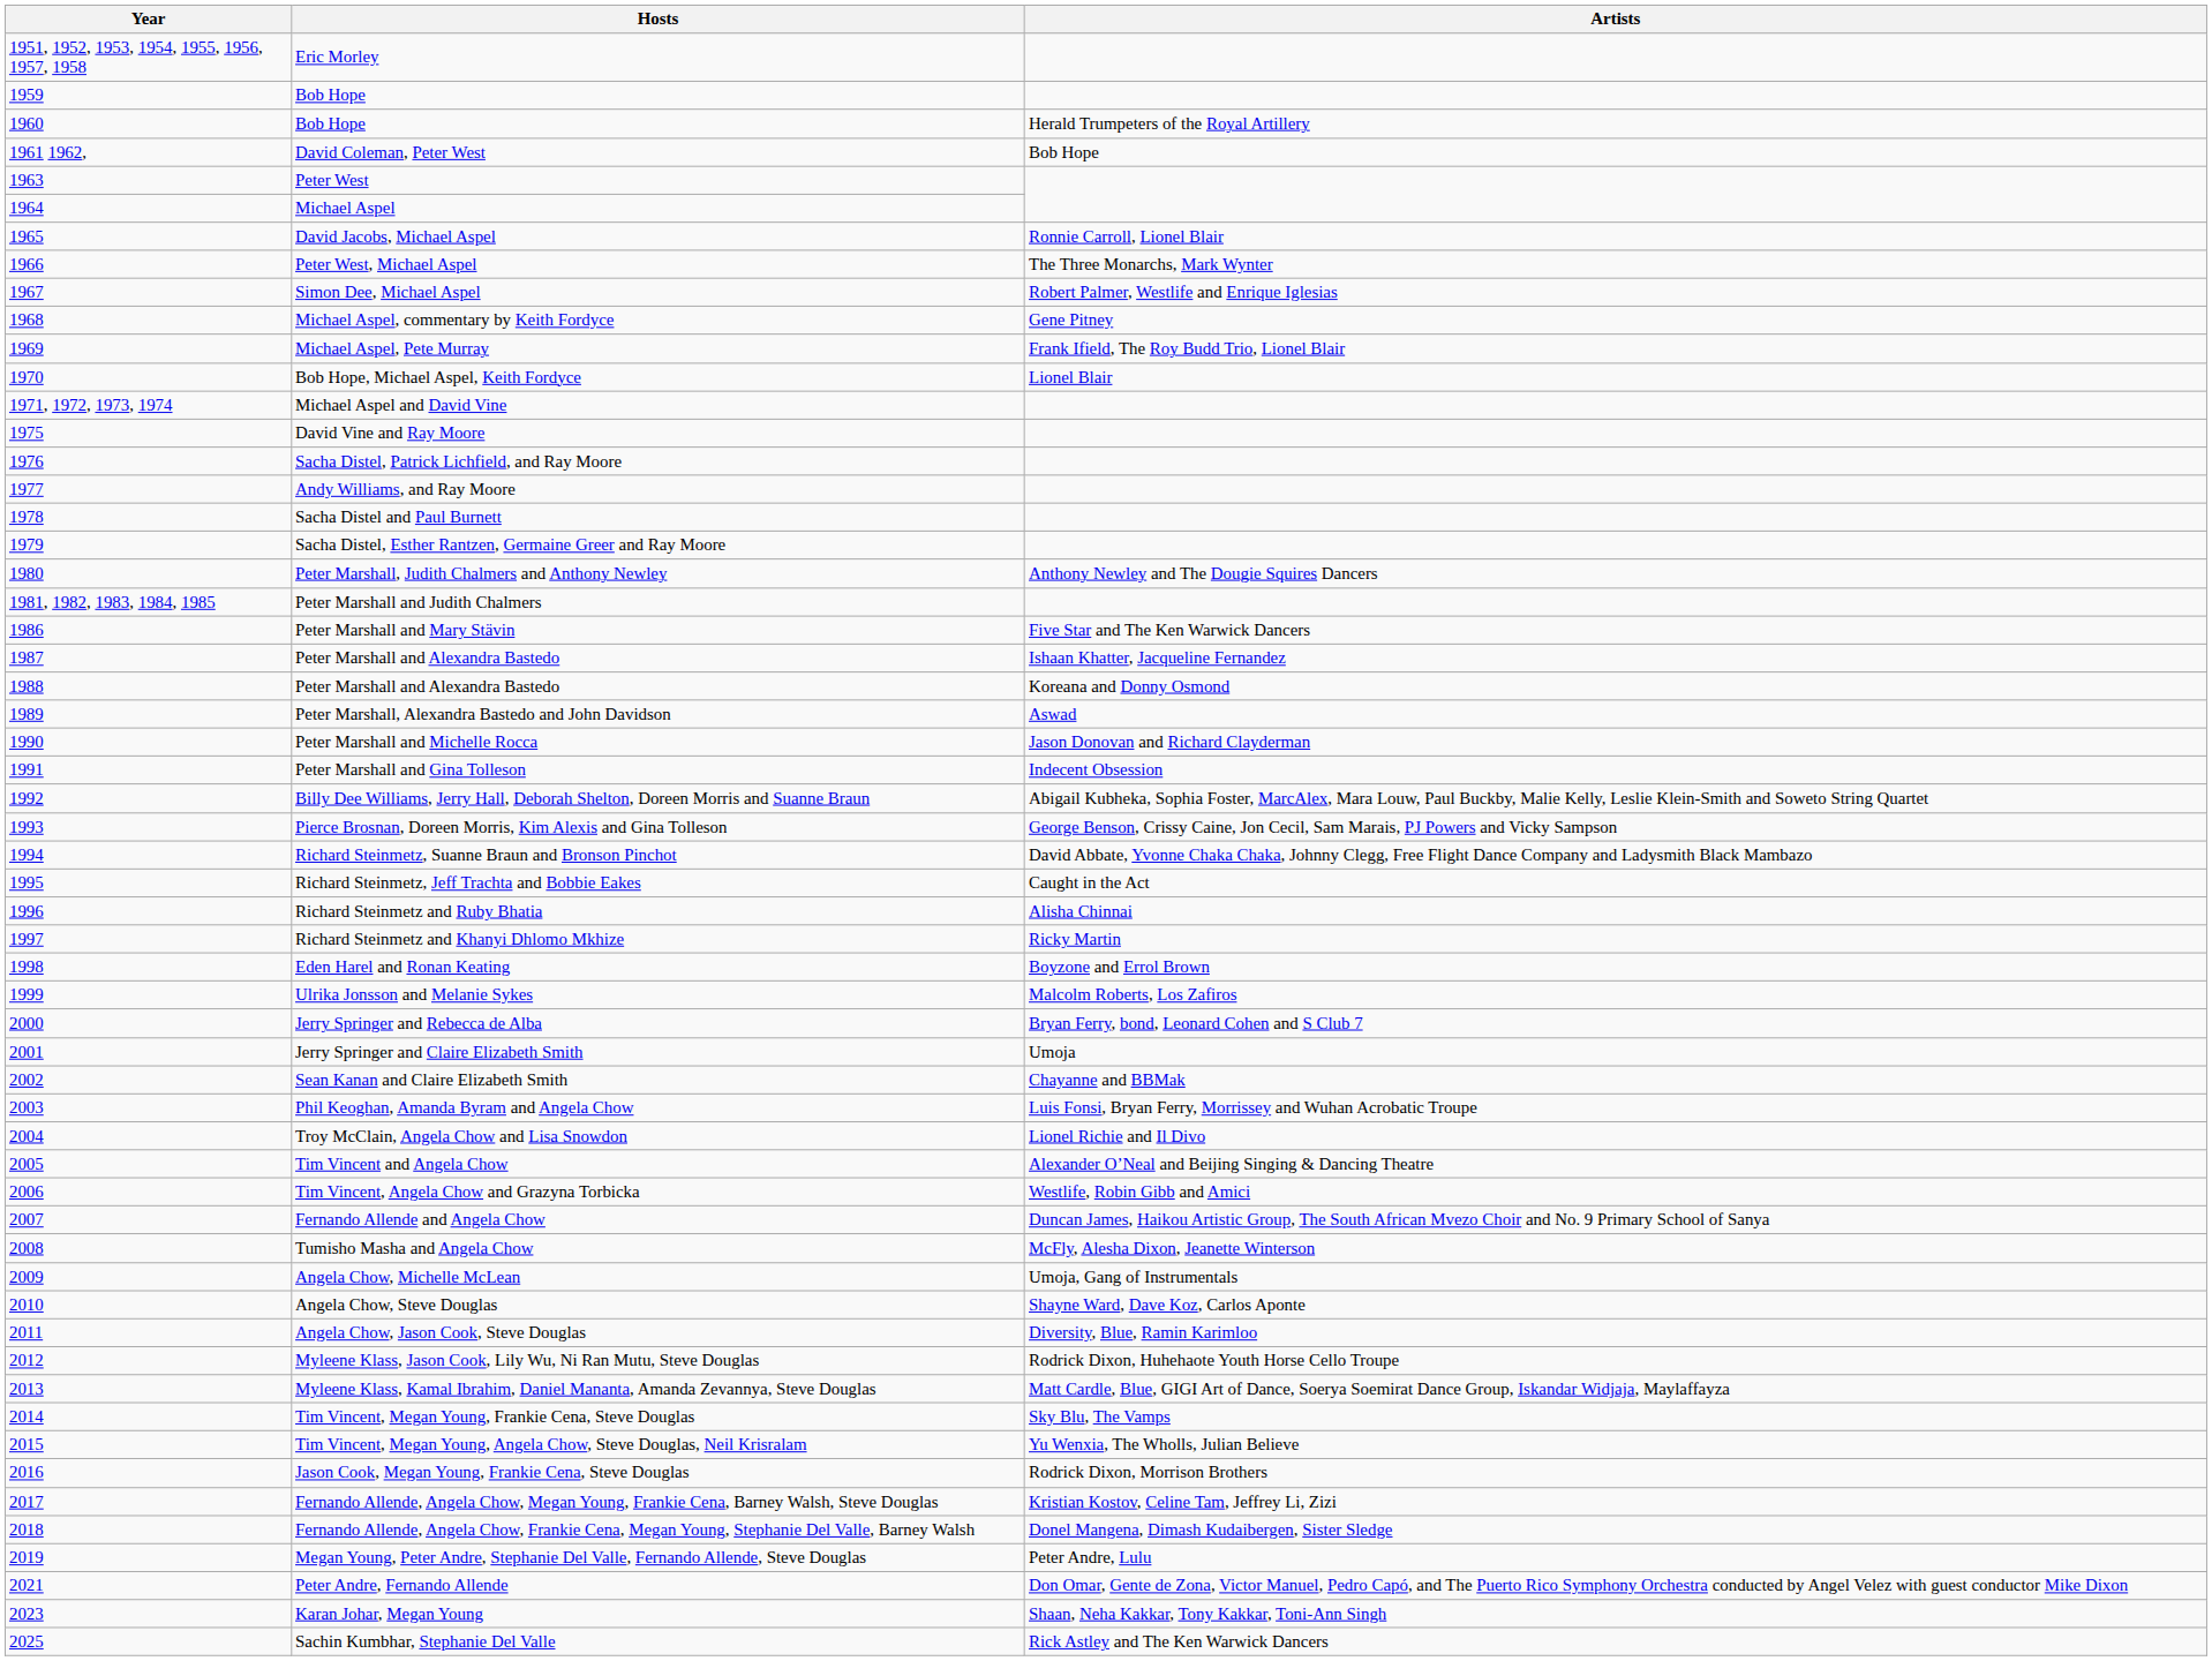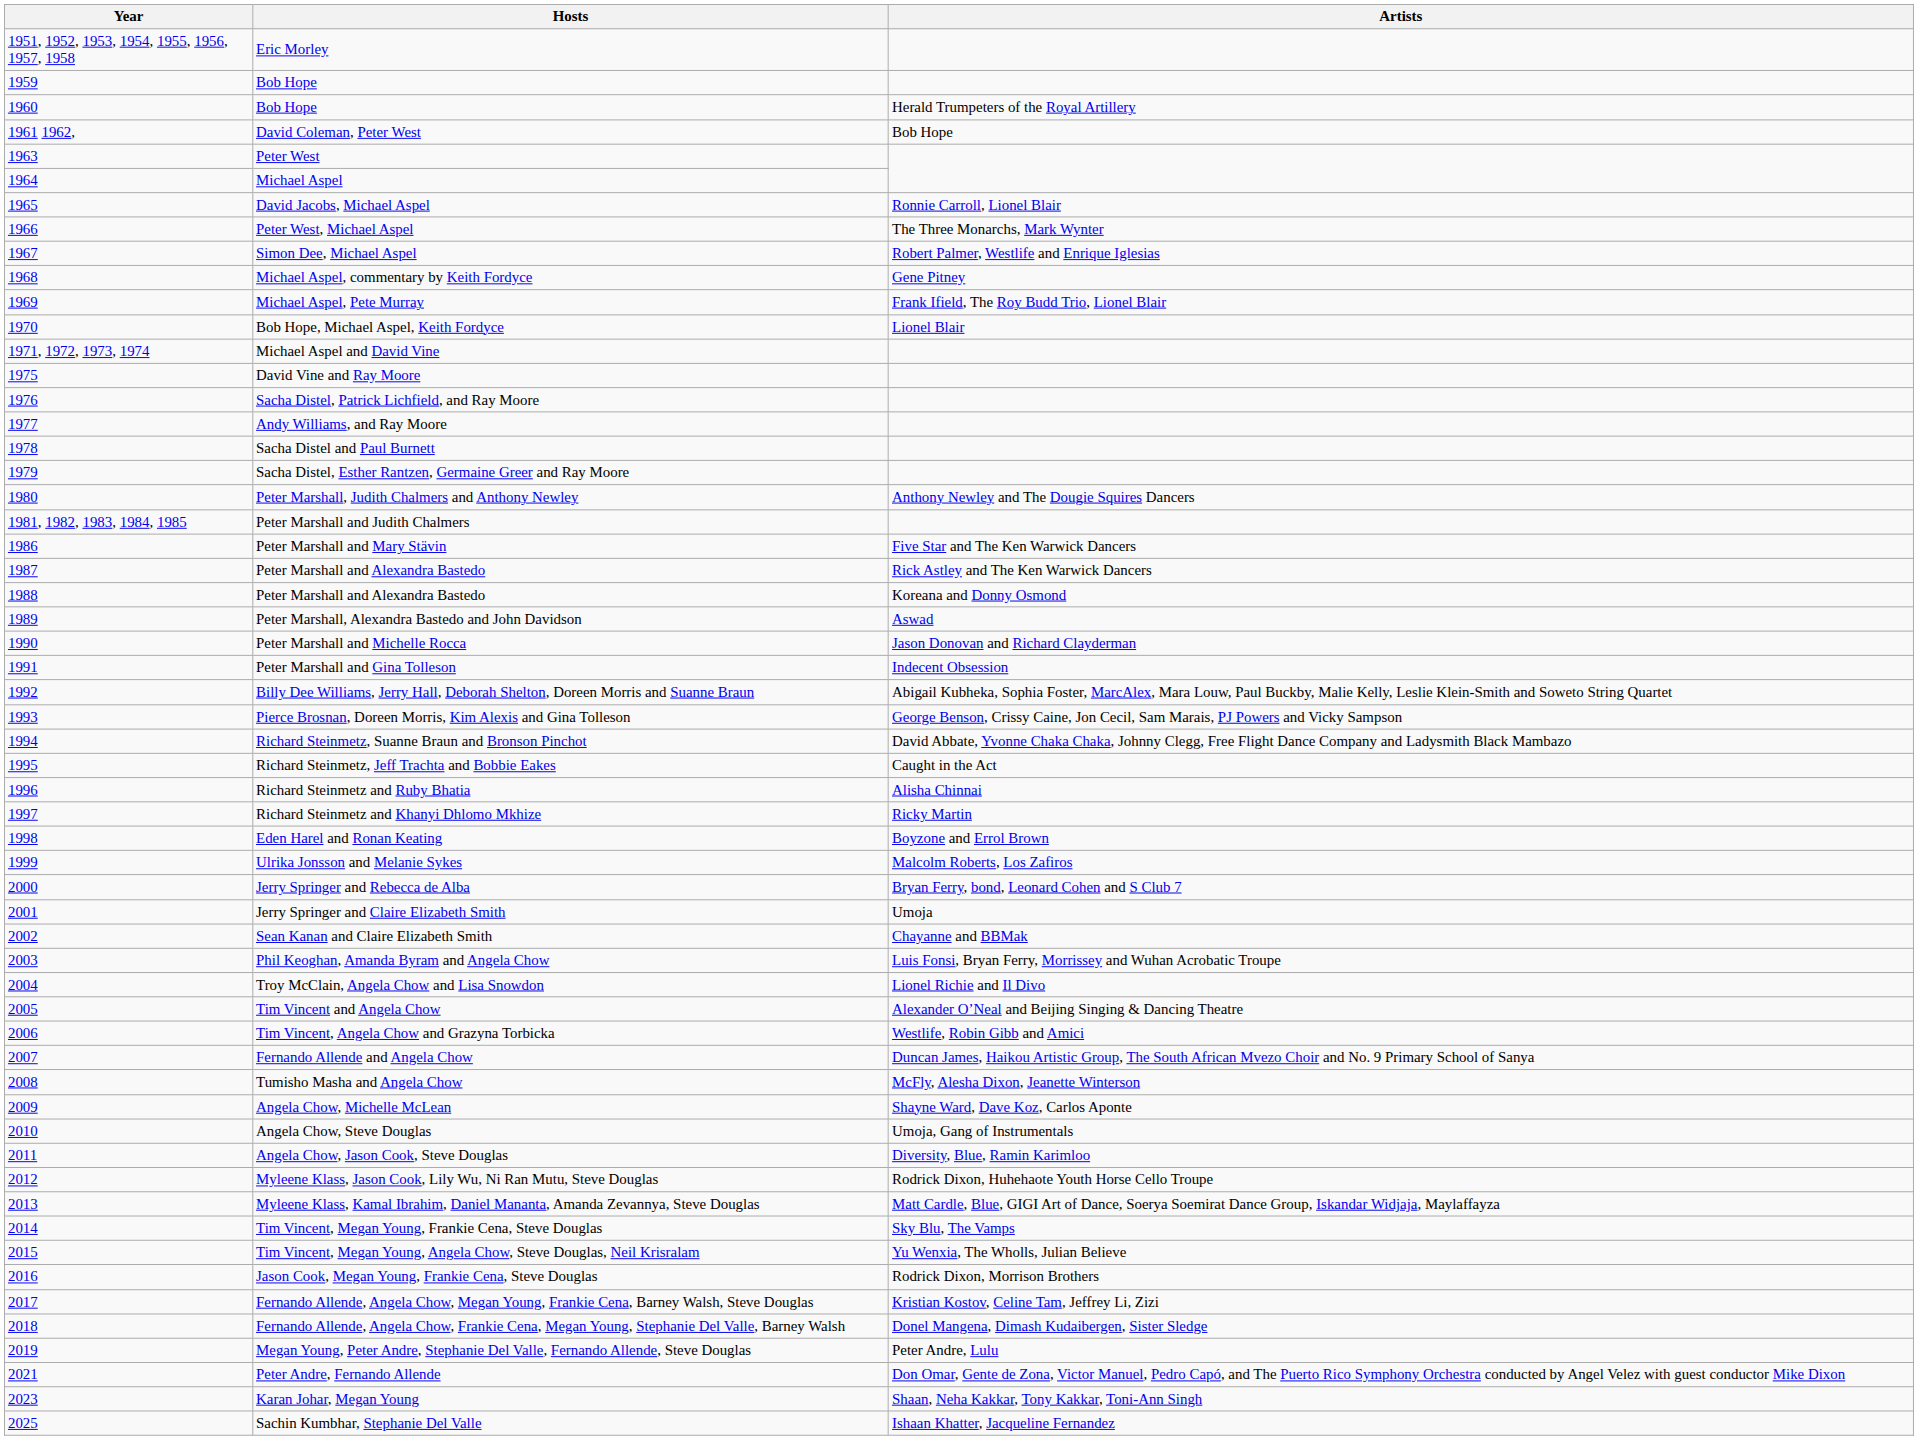 <table class="wikitable sortable" style="margin:0 1em 0 0; font-size:96%; width=100%;">
 <tr>
 <th width=13%>Year</th>
 <th>Hosts</th>
 <th>Artists</th>
 </tr>
 <tr>
 <td><a href='#'>1951</a>, <a href='#'>1952</a>, <a href='#'>1953</a>, <a href='#'>1954</a>, <a href='#'>1955</a>, <a href='#'>1956</a>, <a href='#'>1957</a>, <a href='#'>1958</a></td>
 <td><a href='#'>Eric Morley</a></td>
 <td></td>
 </tr>
 <tr>
 <td><a href='#'>1959</a></td>
 <td><a href='#'>Bob Hope</a></td>
 <td></td>
 </tr>
 <tr>
 <td><a href='#'>1960</a></td>
 <td><a href='#'>Bob Hope</a></td>
 <td>Herald Trumpeters of the <a href='#'>Royal Artillery</a></td>
 </tr>
 <tr>
 <td><a href='#'>1961</a> <a href='#'>1962</a>,</td>
 <td><a href='#'>David Coleman</a>, <a href='#'>Peter West</a></td>
 <td>Bob Hope</td>
 </tr>
 <tr>
 <td><a href='#'>1963</a></td>
 <td><a href='#'>Peter West</a></td>
 </tr>
 <tr>
 <td><a href='#'>1964</a></td>
 <td><a href='#'>Michael Aspel</a></td>
 </tr>
 <tr>
 <td><a href='#'>1965</a></td>
 <td><a href='#'>David Jacobs</a>, <a href='#'>Michael Aspel</a></td>
 <td><a href='#'>Ronnie Carroll</a>, <a href='#'>Lionel Blair</a></td>
 </tr>
 <tr>
 <td><a href='#'>1966</a></td>
 <td><a href='#'>Peter West</a>, <a href='#'>Michael Aspel</a></td>
 <td>The Three Monarchs, <a href='#'>Mark Wynter</a></td>
 </tr>
 <tr>
 <td><a href='#'>1967</a></td>
 <td><a href='#'>Simon Dee</a>, <a href='#'>Michael Aspel</a></td>
 <td><a href='#'>Robert Palmer</a>, <a href='#'>Westlife</a> and <a href='#'>Enrique Iglesias</a></td>
 </tr>
 <tr>
 <td><a href='#'>1968</a></td>
 <td><a href='#'>Michael Aspel</a>, commentary by <a href='#'>Keith Fordyce</a></td>
 <td><a href='#'>Gene Pitney</a></td>
 </tr>
 <tr>
 <td><a href='#'>1969</a></td>
 <td><a href='#'>Michael Aspel</a>, <a href='#'>Pete Murray</a></td>
 <td><a href='#'>Frank Ifield</a>, The <a href='#'>Roy Budd Trio</a>, <a href='#'>Lionel Blair</a></td>
 </tr>
 <tr>
 <td><a href='#'>1970</a></td>
 <td>Bob Hope, Michael Aspel, <a href='#'>Keith Fordyce</a></td>
 <td><a href='#'>Lionel Blair</a></td>
 </tr>
 <tr>
 <td><a href='#'>1971</a>, <a href='#'>1972</a>, <a href='#'>1973</a>, <a href='#'>1974</a></td>
 <td>Michael Aspel and <a href='#'>David Vine</a></td>
 <td></td>
 </tr>
 <tr>
 <td><a href='#'>1975</a></td>
 <td>David Vine and <a href='#'>Ray Moore</a></td>
 <td></td>
 </tr>
 <tr>
 <td><a href='#'>1976</a></td>
 <td><a href='#'>Sacha Distel</a>, <a href='#'>Patrick Lichfield</a>, and Ray Moore</td>
 <td></td>
 </tr>
 <tr>
 <td><a href='#'>1977</a></td>
 <td><a href='#'>Andy Williams</a>, and Ray Moore</td>
 <td></td>
 </tr>
 <tr>
 <td><a href='#'>1978</a></td>
 <td>Sacha Distel and <a href='#'>Paul Burnett</a></td>
 <td></td>
 </tr>
 <tr>
 <td><a href='#'>1979</a></td>
 <td>Sacha Distel, <a href='#'>Esther Rantzen</a>, <a href='#'>Germaine Greer</a> and Ray Moore</td>
 <td></td>
 </tr>
 <tr>
 <td><a href='#'>1980</a></td>
 <td><a href='#'>Peter Marshall</a>, <a href='#'>Judith Chalmers</a> and <a href='#'>Anthony Newley</a></td>
 <td><a href='#'>Anthony Newley</a> and The <a href='#'>Dougie Squires</a> Dancers</td>
 </tr>
 <tr>
 <td><a href='#'>1981</a>, <a href='#'>1982</a>, <a href='#'>1983</a>, <a href='#'>1984</a>, <a href='#'>1985</a></td>
 <td>Peter Marshall and Judith Chalmers</td>
 <td><br></td>
 </tr>
 <tr>
 <td><a href='#'>1986</a></td>
 <td>Peter Marshall and <a href='#'>Mary Stävin</a></td>
 <td><a href='#'>Five Star</a> and The Ken Warwick Dancers</td>
 </tr>
 <tr>
 <td><a href='#'>1987</a></td>
 <td>Peter Marshall and <a href='#'>Alexandra Bastedo</a></td>
-<td><a href='#'>Ishaan Khatter</a>, <a href='#'>Jacqueline Fernandez</a></td>
+<td><a href='#'>Rick Astley</a> and The Ken Warwick Dancers</td>
 </tr>
 <tr>
 <td><a href='#'>1988</a></td>
 <td>Peter Marshall and Alexandra Bastedo</td>
 <td>Koreana and <a href='#'>Donny Osmond</a></td>
 </tr>
 <tr>
 <td><a href='#'>1989</a></td>
 <td>Peter Marshall, Alexandra Bastedo and John Davidson</td>
 <td><a href='#'>Aswad</a></td>
 </tr>
 <tr>
 <td><a href='#'>1990</a></td>
 <td>Peter Marshall and <a href='#'>Michelle Rocca</a></td>
 <td><a href='#'>Jason Donovan</a> and <a href='#'>Richard Clayderman</a></td>
 </tr>
 <tr>
 <td><a href='#'>1991</a></td>
 <td>Peter Marshall and <a href='#'>Gina Tolleson</a></td>
 <td><a href='#'>Indecent Obsession</a></td>
 </tr>
 <tr>
 <td><a href='#'>1992</a></td>
 <td><a href='#'>Billy Dee Williams</a>, <a href='#'>Jerry Hall</a>, <a href='#'>Deborah Shelton</a>, Doreen Morris and <a href='#'>Suanne Braun</a></td>
 <td>Abigail Kubheka, Sophia Foster, <a href='#'>MarcAlex</a>, Mara Louw, Paul Buckby, Malie Kelly, Leslie Klein-Smith and Soweto String Quartet</td>
 </tr>
 <tr>
 <td><a href='#'>1993</a></td>
 <td><a href='#'>Pierce Brosnan</a>, Doreen Morris, <a href='#'>Kim Alexis</a> and Gina Tolleson</td>
 <td><a href='#'>George Benson</a>, Crissy Caine, Jon Cecil, Sam Marais, <a href='#'>PJ Powers</a> and Vicky Sampson</td>
 </tr>
 <tr>
 <td><a href='#'>1994</a></td>
 <td><a href='#'>Richard Steinmetz</a>, Suanne Braun and <a href='#'>Bronson Pinchot</a></td>
 <td>David Abbate, <a href='#'>Yvonne Chaka Chaka</a>, Johnny Clegg, Free Flight Dance Company and Ladysmith Black Mambazo</td>
 </tr>
 <tr>
 <td><a href='#'>1995</a></td>
 <td>Richard Steinmetz, <a href='#'>Jeff Trachta</a> and <a href='#'>Bobbie Eakes</a></td>
 <td>Caught in the Act</td>
 </tr>
 <tr>
 <td><a href='#'>1996</a></td>
 <td>Richard Steinmetz and <a href='#'>Ruby Bhatia</a></td>
 <td><a href='#'>Alisha Chinnai</a></td>
 </tr>
 <tr>
 <td><a href='#'>1997</a></td>
 <td>Richard Steinmetz and <a href='#'>Khanyi Dhlomo Mkhize</a></td>
 <td><a href='#'>Ricky Martin</a></td>
 </tr>
 <tr>
 <td><a href='#'>1998</a></td>
 <td><a href='#'>Eden Harel</a> and <a href='#'>Ronan Keating</a></td>
 <td><a href='#'>Boyzone</a> and <a href='#'>Errol Brown</a></td>
 </tr>
 <tr>
 <td><a href='#'>1999</a></td>
 <td><a href='#'>Ulrika Jonsson</a> and <a href='#'>Melanie Sykes</a></td>
 <td><a href='#'>Malcolm Roberts</a>, <a href='#'>Los Zafiros</a></td>
 </tr>
 <tr>
 <td><a href='#'>2000</a></td>
 <td><a href='#'>Jerry Springer</a> and <a href='#'>Rebecca de Alba</a></td>
 <td><a href='#'>Bryan Ferry</a>, <a href='#'>bond</a>, <a href='#'>Leonard Cohen</a> and <a href='#'>S Club 7</a></td>
 </tr>
 <tr>
 <td><a href='#'>2001</a></td>
 <td>Jerry Springer and <a href='#'>Claire Elizabeth Smith</a></td>
 <td>Umoja</td>
 </tr>
 <tr>
 <td><a href='#'>2002</a></td>
 <td><a href='#'>Sean Kanan</a> and Claire Elizabeth Smith</td>
 <td><a href='#'>Chayanne</a> and <a href='#'>BBMak</a></td>
 </tr>
 <tr>
 <td><a href='#'>2003</a></td>
 <td><a href='#'>Phil Keoghan</a>, <a href='#'>Amanda Byram</a> and <a href='#'>Angela Chow</a></td>
 <td><a href='#'>Luis Fonsi</a>, Bryan Ferry, <a href='#'>Morrissey</a> and Wuhan Acrobatic Troupe</td>
 </tr>
 <tr>
 <td><a href='#'>2004</a></td>
 <td>Troy McClain, <a href='#'>Angela Chow</a> and <a href='#'>Lisa Snowdon</a></td>
 <td><a href='#'>Lionel Richie</a> and <a href='#'>Il Divo</a></td>
 </tr>
 <tr>
 <td><a href='#'>2005</a></td>
 <td><a href='#'>Tim Vincent</a> and <a href='#'>Angela Chow</a></td>
 <td><a href='#'>Alexander O’Neal</a> and Beijing Singing & Dancing Theatre</td>
 </tr>
 <tr>
 <td><a href='#'>2006</a></td>
 <td><a href='#'>Tim Vincent</a>, <a href='#'>Angela Chow</a> and Grazyna Torbicka</td>
 <td><a href='#'>Westlife</a>, <a href='#'>Robin Gibb</a> and <a href='#'>Amici</a></td>
 </tr>
 <tr>
 <td><a href='#'>2007</a></td>
 <td><a href='#'>Fernando Allende</a> and <a href='#'>Angela Chow</a></td>
 <td><a href='#'>Duncan James</a>, <a href='#'>Haikou Artistic Group</a>, <a href='#'>The South African Mvezo Choir</a> and No. 9 Primary School of Sanya</td>
 </tr>
 <tr>
 <td><a href='#'>2008</a></td>
 <td>Tumisho Masha and <a href='#'>Angela Chow</a></td>
 <td><a href='#'>McFly</a>, <a href='#'>Alesha Dixon</a>, <a href='#'>Jeanette Winterson</a></td>
 </tr>
 <tr>
 <td><a href='#'>2009</a></td>
 <td><a href='#'>Angela Chow</a>, <a href='#'>Michelle McLean</a></td>
-<td>Umoja, Gang of Instrumentals</td>
+<td><a href='#'>Shayne Ward</a>, <a href='#'>Dave Koz</a>, Carlos Aponte</td>
 </tr>
 <tr>
 <td><a href='#'>2010</a></td>
 <td>Angela Chow, Steve Douglas</td>
-<td><a href='#'>Shayne Ward</a>, <a href='#'>Dave Koz</a>, Carlos Aponte</td>
+<td>Umoja, Gang of Instrumentals</td>
 </tr>
 <tr>
 <td><a href='#'>2011</a></td>
 <td><a href='#'>Angela Chow</a>, <a href='#'>Jason Cook</a>, Steve Douglas</td>
 <td><a href='#'>Diversity</a>, <a href='#'>Blue</a>, <a href='#'>Ramin Karimloo</a></td>
 </tr>
 <tr>
 <td><a href='#'>2012</a></td>
 <td><a href='#'>Myleene Klass</a>, <a href='#'>Jason Cook</a>, Lily Wu, Ni Ran Mutu, Steve Douglas</td>
 <td>Rodrick Dixon, Huhehaote Youth Horse Cello Troupe</td>
 </tr>
 <tr>
 <td><a href='#'>2013</a></td>
 <td><a href='#'>Myleene Klass</a>, <a href='#'>Kamal Ibrahim</a>, <a href='#'>Daniel Mananta</a>,  Amanda Zevannya, Steve Douglas</td>
 <td><a href='#'>Matt Cardle</a>, <a href='#'>Blue</a>, GIGI Art of Dance, Soerya Soemirat Dance Group, <a href='#'>Iskandar Widjaja</a>, Maylaffayza</td>
 </tr>
 <tr>
 <td><a href='#'>2014</a></td>
 <td><a href='#'>Tim Vincent</a>, <a href='#'>Megan Young</a>, Frankie Cena, Steve Douglas</td>
 <td><a href='#'>Sky Blu</a>, <a href='#'>The Vamps</a></td>
 </tr>
 <tr>
 <td><a href='#'>2015</a></td>
 <td><a href='#'>Tim Vincent</a>, <a href='#'>Megan Young</a>, <a href='#'>Angela Chow</a>, Steve Douglas, <a href='#'>Neil Krisralam</a></td>
 <td><a href='#'>Yu Wenxia</a>, The Wholls, Julian Believe</td>
 </tr>
 <tr>
 <td><a href='#'>2016</a></td>
 <td><a href='#'>Jason Cook</a>, <a href='#'>Megan Young</a>, <a href='#'>Frankie Cena</a>, Steve Douglas</td>
 <td>Rodrick Dixon, Morrison Brothers</td>
 </tr>
 <tr>
 <td><a href='#'>2017</a></td>
 <td><a href='#'>Fernando Allende</a>, <a href='#'>Angela Chow</a>, <a href='#'>Megan Young</a>, <a href='#'>Frankie Cena</a>, Barney Walsh, Steve Douglas</td>
 <td><a href='#'>Kristian Kostov</a>, <a href='#'>Celine Tam</a>, Jeffrey Li, Zizi</td>
 </tr>
 <tr 2017. 2017, pageant, Sanya, China. 1crown. event.>
 <td><a href='#'>2018</a></td>
 <td><a href='#'>Fernando Allende</a>, <a href='#'>Angela Chow</a>, <a href='#'>Frankie Cena</a>, <a href='#'>Megan Young</a>, <a href='#'>Stephanie Del Valle</a>, Barney Walsh</td>
 <td><a href='#'>Donel Mangena</a>, <a href='#'>Dimash Kudaibergen</a>, <a href='#'>Sister Sledge</a></td>
 </tr>
 <tr>
 <td><a href='#'>2019</a></td>
 <td><a href='#'>Megan Young</a>, <a href='#'>Peter Andre</a>, <a href='#'>Stephanie Del Valle</a>, <a href='#'>Fernando Allende</a>, Steve Douglas</td>
 <td>Peter Andre, <a href='#'>Lulu</a></td>
 </tr>
 <tr>
 <td><a href='#'>2021</a></td>
 <td><a href='#'>Peter Andre</a>, <a href='#'>Fernando Allende</a></td>
 <td><a href='#'>Don Omar</a>, <a href='#'>Gente de Zona</a>, <a href='#'>Victor Manuel</a>, <a href='#'>Pedro Capó</a>, and The <a href='#'>Puerto Rico Symphony Orchestra</a> conducted by  Angel Velez with guest conductor <a href='#'>Mike Dixon</a></td>
 </tr>
 <tr>
 <td><a href='#'>2023</a></td>
 <td><a href='#'>Karan Johar</a>, <a href='#'>Megan Young</a></td>
 <td><a href='#'>Shaan</a>, <a href='#'>Neha Kakkar</a>, <a href='#'>Tony Kakkar</a>, <a href='#'>Toni-Ann Singh</a></td>
 </tr>
 <tr>
 <td><a href='#'>2025</a></td>
 <td>Sachin Kumbhar, <a href='#'>Stephanie Del Valle</a></td>
-<td><a href='#'>Rick Astley</a> and The Ken Warwick Dancers</td>
+<td><a href='#'>Ishaan Khatter</a>, <a href='#'>Jacqueline Fernandez</a></td>
 </tr>
 </table>
